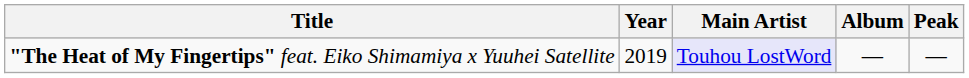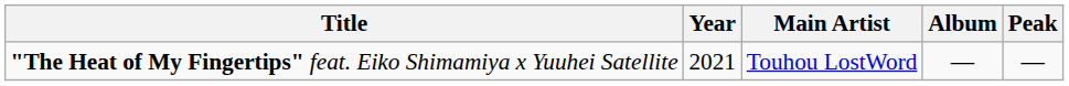 <table class="wikitable plainrowheaders">
 <tr>
 <th scope="col">Title</th>
 <th scope="col">Year</th>
 <th scope="col">Main Artist</th>
 <th scope="col">Album</th>
 <th scope="col">Peak</th>
 </tr>
 <tr>
 <td scope="row"><strong>"The Heat of My Fingertips"</strong> <em>feat. Eiko Shimamiya x Yuuhei Satellite</em></td>
-<td rowspan="1">2019</td>
-<td style="background: lavender;"><a href='#'>Touhou LostWord</a></td>
+<td rowspan="1">2021</td>
+<td><a href='#'>Touhou LostWord</a></td>
 <td align="center">—</td>
 <td align="center">—</td>
 </tr>
 </table>
